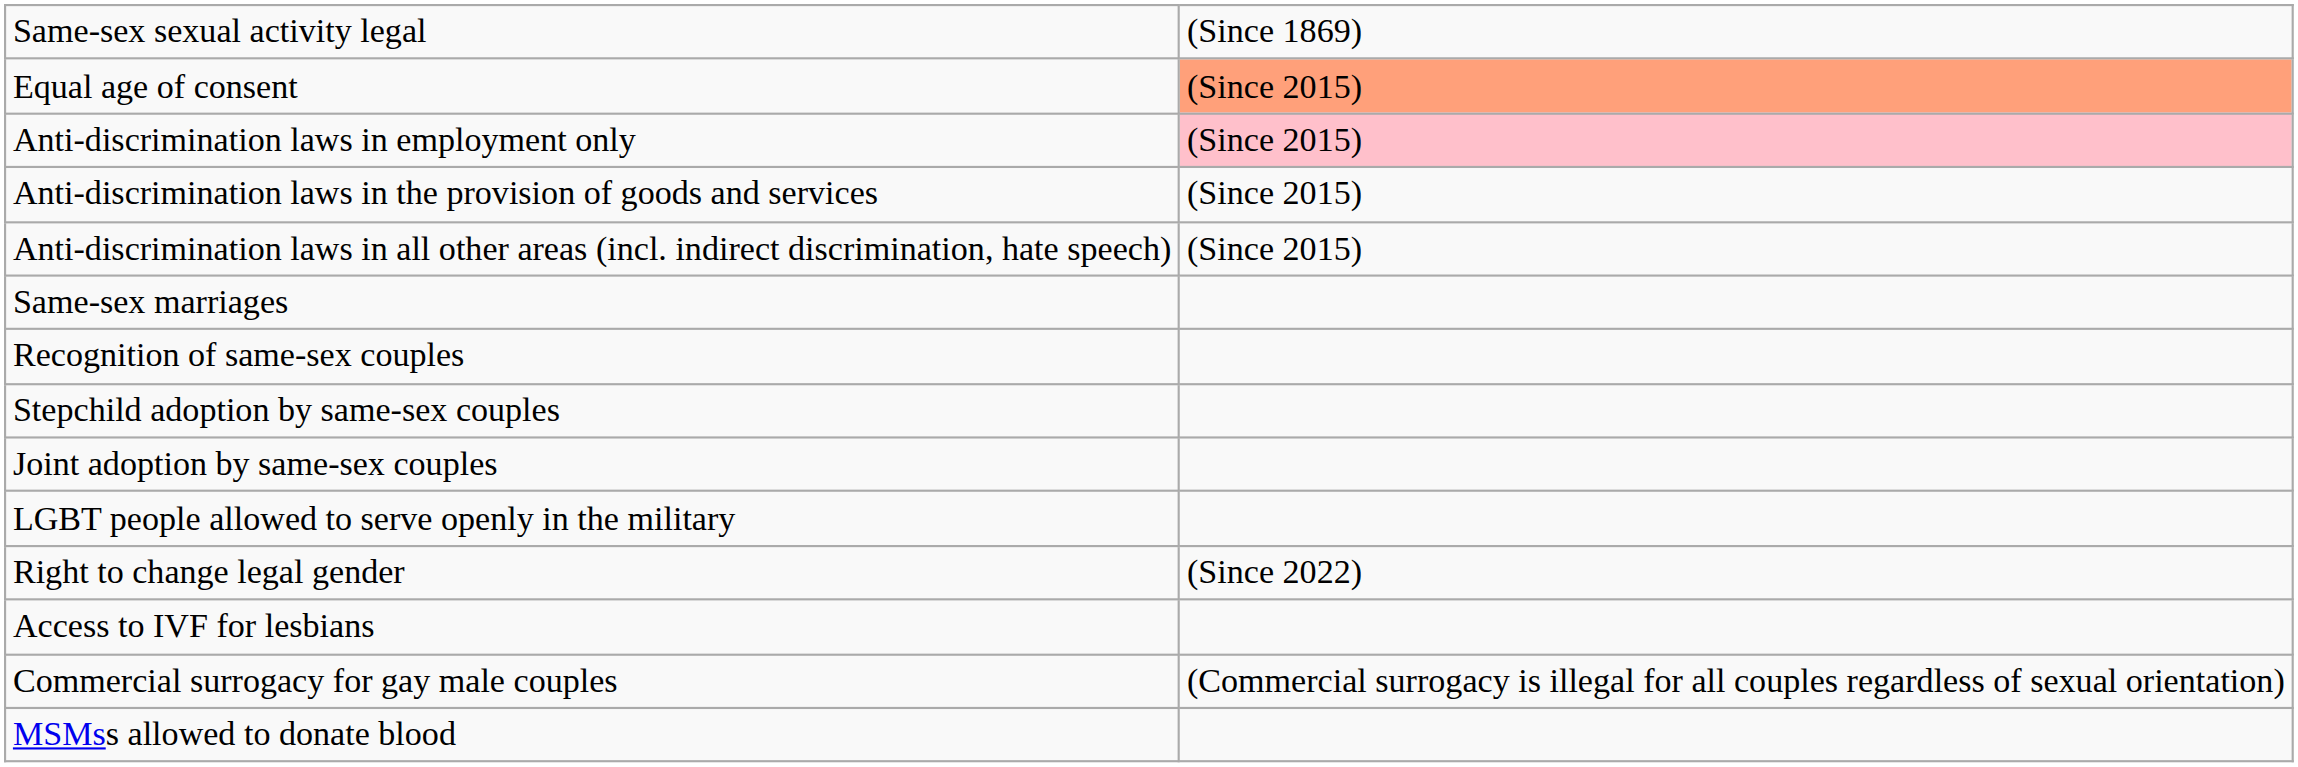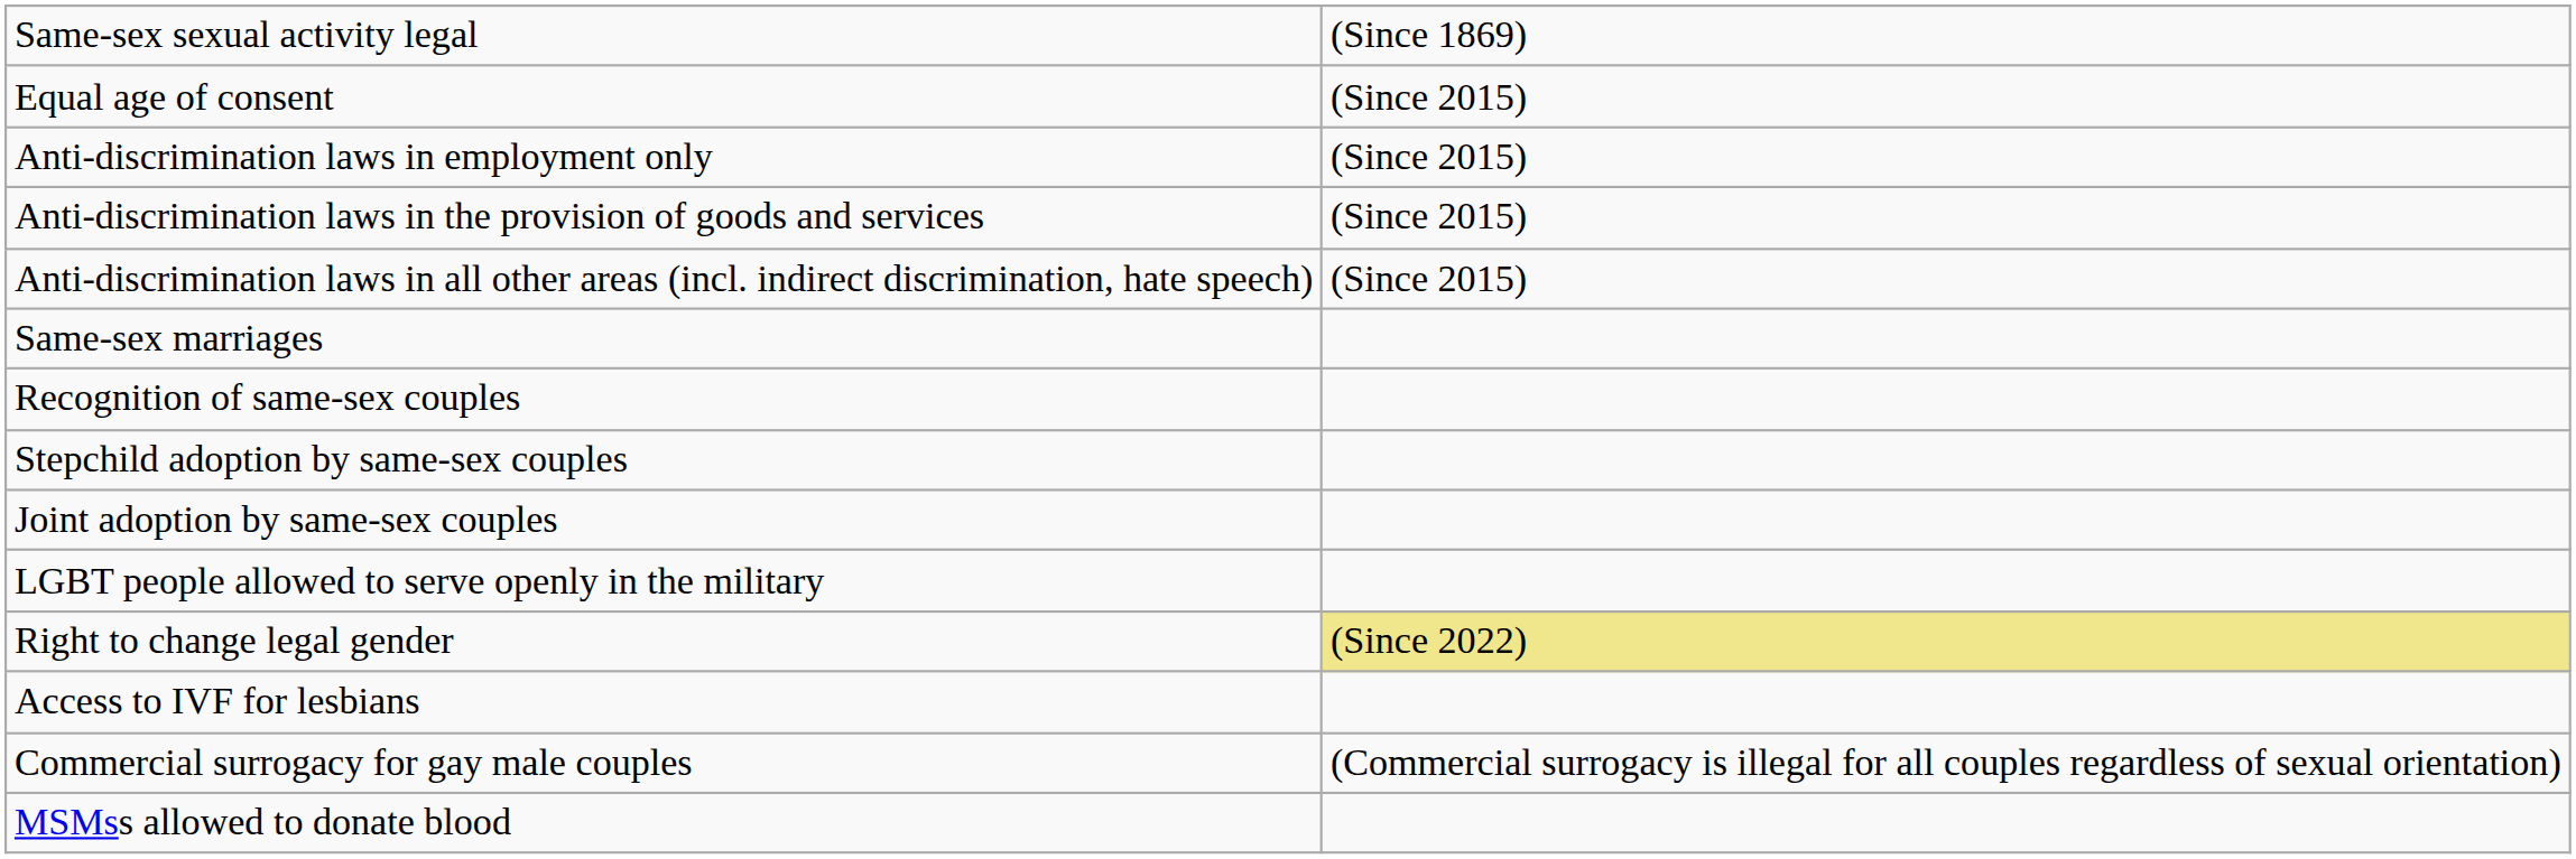 <table class="wikitable">
 <tr>
 <td>Same-sex sexual activity legal</td>
 <td> (Since 1869)</td>
 </tr>
 <tr>
 <td>Equal age of consent</td>
-<td style="background: lightsalmon;"> (Since 2015)</td>
+<td> (Since 2015)</td>
 </tr>
 <tr>
 <td>Anti-discrimination laws in employment only</td>
-<td style="background: pink;"> (Since 2015)</td>
+<td> (Since 2015)</td>
 </tr>
 <tr>
 <td>Anti-discrimination laws in the provision of goods and services</td>
 <td> (Since 2015)</td>
 </tr>
 <tr>
 <td>Anti-discrimination laws in all other areas (incl. indirect discrimination, hate speech)</td>
 <td> (Since 2015)</td>
 </tr>
 <tr>
 <td>Same-sex marriages</td>
 <td></td>
 </tr>
 <tr>
 <td>Recognition of same-sex couples</td>
 <td></td>
 </tr>
 <tr>
 <td>Stepchild adoption by same-sex couples</td>
 <td></td>
 </tr>
 <tr>
 <td>Joint adoption by same-sex couples</td>
 <td></td>
 </tr>
 <tr>
 <td>LGBT people allowed to serve openly in the military</td>
 <td></td>
 </tr>
 <tr>
 <td>Right to change legal gender</td>
-<td> (Since 2022)</td>
+<td style="background: khaki;"> (Since 2022)</td>
 </tr>
 <tr>
 <td>Access to IVF for lesbians</td>
 <td></td>
 </tr>
 <tr>
 <td>Commercial surrogacy for gay male couples</td>
 <td> (Commercial surrogacy is illegal for all couples regardless of sexual orientation)</td>
 </tr>
 <tr>
 <td><a href='#'>MSMs</a>s allowed to donate blood</td>
 <td></td>
 </tr>
 </table>
